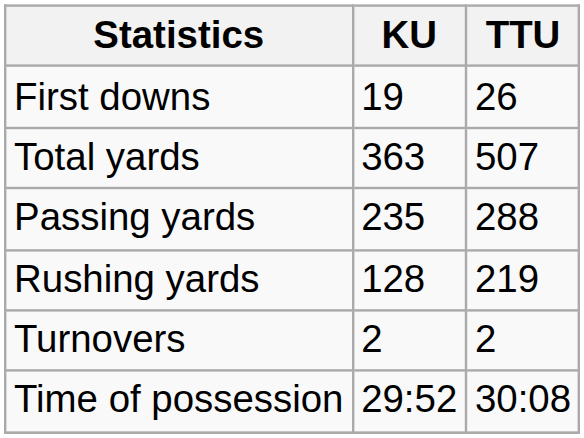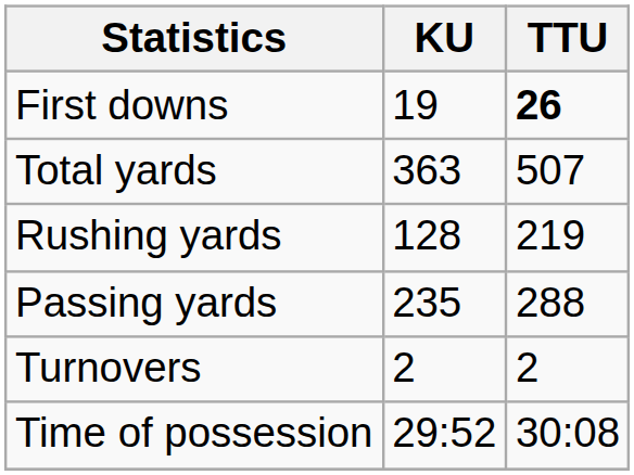 <table class="wikitable" style="float: left;">
 <tr>
 <th>Statistics</th>
 <th>KU</th>
 <th>TTU</th>
 </tr>
 <tr>
 <td>First downs</td>
 <td>19</td>
-<td>26</td>
+<td><strong>26</strong></td>
 </tr>
 <tr>
 <td>Total yards</td>
 <td>363</td>
 <td>507</td>
 </tr>
 <tr>
+<td>Rushing yards</td>
+<td>128</td>
+<td>219</td>
+</tr>
+<tr>
 <td>Passing yards</td>
 <td>235</td>
 <td>288</td>
-</tr>
-<tr>
-<td>Rushing yards</td>
-<td>128</td>
-<td>219</td>
 </tr>
 <tr>
 <td>Turnovers</td>
 <td>2</td>
 <td>2</td>
 </tr>
 <tr>
 <td>Time of possession</td>
 <td>29:52</td>
 <td>30:08</td>
 </tr>
 <tr>
 </tr>
 </table>
